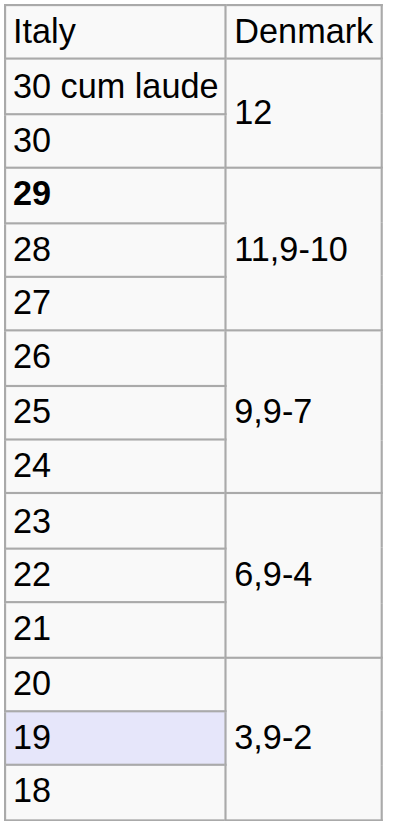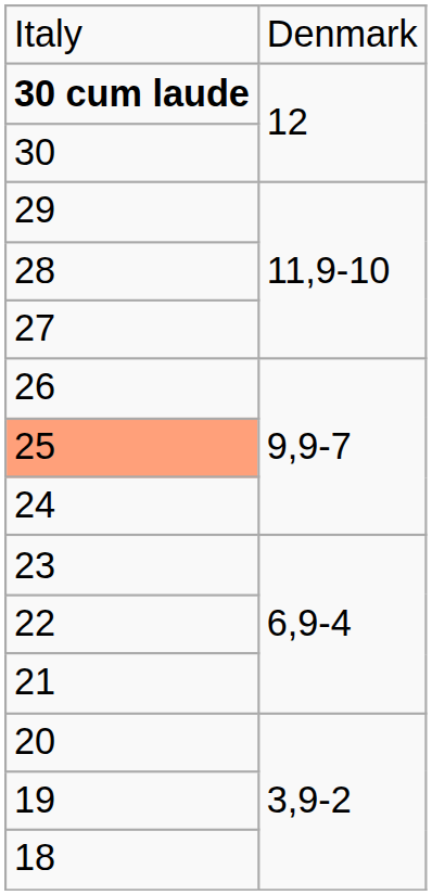 <table class="wikitable">
 <tr>
 <td>Italy</td>
 <td>Denmark</td>
 </tr>
 <tr>
-<td>30 cum laude</td>
+<td><strong>30 cum laude</strong></td>
 <td rowspan="2">12</td>
 </tr>
 <tr>
 <td>30</td>
 </tr>
 <tr>
-<td><strong>29</strong></td>
+<td>29</td>
 <td rowspan="3">11,9-10</td>
 </tr>
 <tr>
 <td>28</td>
 </tr>
 <tr>
 <td>27</td>
 </tr>
 <tr>
 <td>26</td>
 <td rowspan="3">9,9-7</td>
 </tr>
 <tr>
-<td>25</td>
+<td style="background: lightsalmon;">25</td>
 </tr>
 <tr>
 <td>24</td>
 </tr>
 <tr>
 <td>23</td>
 <td rowspan="3">6,9-4</td>
 </tr>
 <tr>
 <td>22</td>
 </tr>
 <tr>
 <td>21</td>
 </tr>
 <tr>
 <td>20</td>
 <td rowspan="3">3,9-2</td>
 </tr>
 <tr>
-<td style="background: lavender;">19</td>
+<td>19</td>
 </tr>
 <tr>
 <td>18</td>
 </tr>
 </table>
